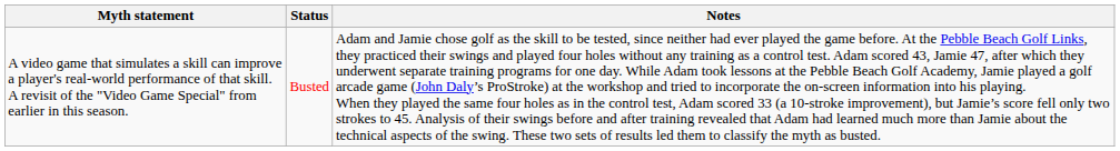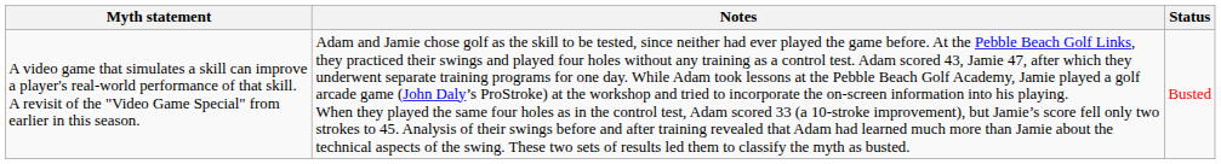 <table class="wikitable plainrowheaders">
 <tr>
 <th>Myth statement</th>
+<th>Notes</th>
 <th>Status</th>
-<th>Notes</th>
 </tr>
 <tr>
 <td>A video game that simulates a skill can improve a player's real-world performance of that skill. A revisit of the "Video Game Special" from earlier in this season.</td>
+<td>Adam and Jamie chose golf as the skill to be tested, since neither had ever played the game before. At the <a href='#'>Pebble Beach Golf Links</a>, they practiced their swings and played four holes without any training as a control test. Adam scored 43, Jamie 47, after which they underwent separate training programs for one day. While Adam took lessons at the Pebble Beach Golf Academy, Jamie played a golf arcade game (<a href='#'>John Daly</a>’s ProStroke) at the workshop and tried to incorporate the on-screen information into his playing.<br>When they played the same four holes as in the control test, Adam scored 33 (a 10-stroke improvement), but Jamie’s score fell only two strokes to 45. Analysis of their swings before and after training revealed that Adam had learned much more than Jamie about the technical aspects of the swing. These two sets of results led them to classify the myth as busted.</td>
 <td style="color:red">Busted</td>
-<td>Adam and Jamie chose golf as the skill to be tested, since neither had ever played the game before. At the <a href='#'>Pebble Beach Golf Links</a>, they practiced their swings and played four holes without any training as a control test. Adam scored 43, Jamie 47, after which they underwent separate training programs for one day. While Adam took lessons at the Pebble Beach Golf Academy, Jamie played a golf arcade game (<a href='#'>John Daly</a>’s ProStroke) at the workshop and tried to incorporate the on-screen information into his playing.<br>When they played the same four holes as in the control test, Adam scored 33 (a 10-stroke improvement), but Jamie’s score fell only two strokes to 45. Analysis of their swings before and after training revealed that Adam had learned much more than Jamie about the technical aspects of the swing. These two sets of results led them to classify the myth as busted.</td>
 </tr>
 </table>
